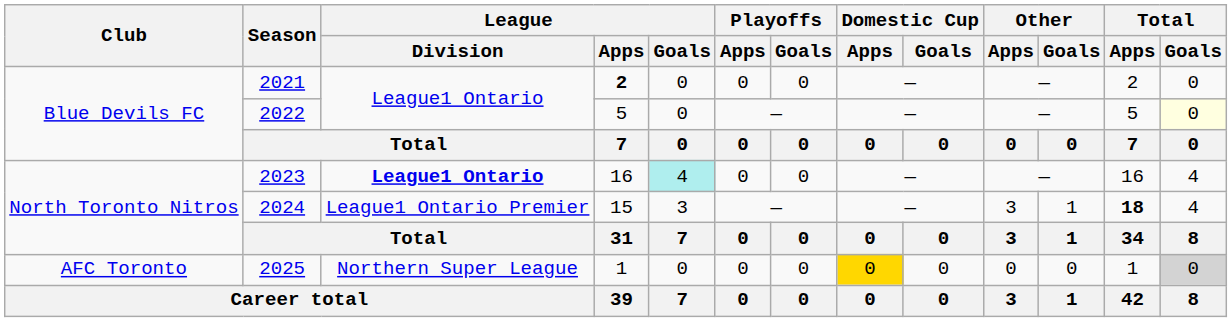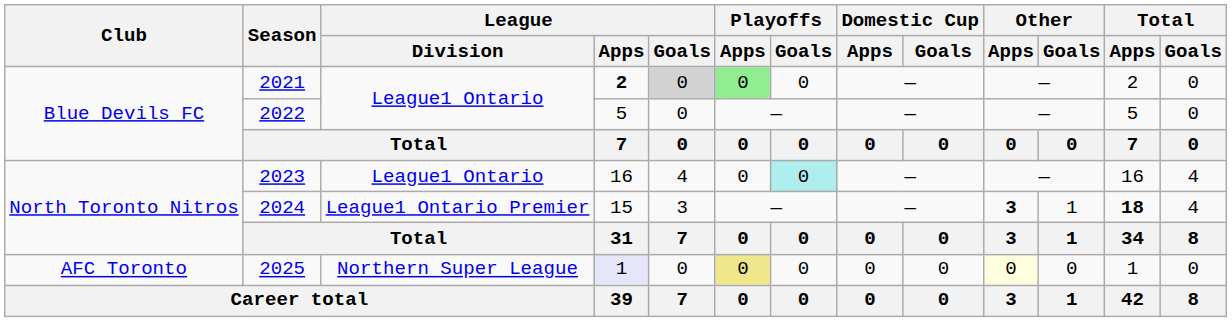 <table class="wikitable" style="text-align: center;">
 <tr>
 <th rowspan="2">Club</th>
 <th rowspan="2">Season</th>
 <th colspan="3">League</th>
 <th colspan="2">Playoffs</th>
 <th colspan="2">Domestic Cup</th>
 <th colspan="2">Other</th>
 <th colspan="2">Total</th>
 </tr>
 <tr>
 <th>Division</th>
 <th>Apps</th>
 <th>Goals</th>
 <th>Apps</th>
 <th>Goals</th>
 <th>Apps</th>
 <th>Goals</th>
 <th>Apps</th>
 <th>Goals</th>
 <th>Apps</th>
 <th>Goals</th>
 </tr>
 <tr>
 <td rowspan="3"><a href='#'>Blue Devils FC</a></td>
 <td><a href='#'>2021</a></td>
 <td rowspan=2><a href='#'>League1 Ontario</a></td>
 <td><strong>2</strong></td>
-<td>0</td>
-<td>0</td>
+<td style="background: lightgrey;">0</td>
+<td style="background: lightgreen;">0</td>
 <td>0</td>
 <td colspan="2">—</td>
 <td colspan="2">—</td>
 <td>2</td>
 <td>0</td>
 </tr>
 <tr>
 <td><a href='#'>2022</a></td>
 <td>5</td>
 <td>0</td>
 <td colspan="2">—</td>
 <td colspan="2">—</td>
 <td colspan="2">—</td>
 <td>5</td>
-<td style="background: lightyellow;">0</td>
+<td>0</td>
 </tr>
 <tr>
 <th colspan="2">Total</th>
 <th>7</th>
 <th>0</th>
 <th>0</th>
 <th>0</th>
 <th>0</th>
 <th>0</th>
 <th>0</th>
 <th>0</th>
 <th>7</th>
 <th>0</th>
 </tr>
 <tr>
 <td rowspan="3"><a href='#'>North Toronto Nitros</a></td>
 <td><a href='#'>2023</a></td>
-<td><strong><a href='#'>League1 Ontario</a></strong></td>
+<td><a href='#'>League1 Ontario</a></td>
 <td>16</td>
-<td style="background: paleturquoise;">4</td>
+<td>4</td>
 <td>0</td>
-<td>0</td>
+<td style="background: paleturquoise;">0</td>
 <td colspan="2">—</td>
 <td colspan="2">—</td>
 <td>16</td>
 <td>4</td>
 </tr>
 <tr>
 <td><a href='#'>2024</a></td>
 <td><a href='#'>League1 Ontario Premier</a></td>
 <td>15</td>
 <td>3</td>
 <td colspan="2">—</td>
 <td colspan="2">—</td>
-<td>3</td>
+<td><strong>3</strong></td>
 <td>1</td>
 <td><strong>18</strong></td>
 <td>4</td>
 </tr>
 <tr>
 <th colspan="2">Total</th>
 <th>31</th>
 <th>7</th>
 <th>0</th>
 <th>0</th>
 <th>0</th>
 <th>0</th>
 <th>3</th>
 <th>1</th>
 <th>34</th>
 <th>8</th>
 </tr>
 <tr>
 <td><a href='#'>AFC Toronto</a></td>
 <td><a href='#'>2025</a></td>
 <td><a href='#'>Northern Super League</a></td>
-<td>1</td>
+<td style="background: lavender;">1</td>
+<td>0</td>
+<td style="background: khaki;">0</td>
 <td>0</td>
 <td>0</td>
 <td>0</td>
-<td style="background: gold;">0</td>
-<td>0</td>
-<td>0</td>
+<td style="background: lightyellow;">0</td>
 <td>0</td>
 <td>1</td>
-<td style="background: lightgrey;">0</td>
+<td>0</td>
 </tr>
 <tr>
 <th colspan="3">Career total</th>
 <th>39</th>
 <th>7</th>
 <th>0</th>
 <th>0</th>
 <th>0</th>
 <th>0</th>
 <th>3</th>
 <th>1</th>
 <th>42</th>
 <th>8</th>
 </tr>
 </table>
